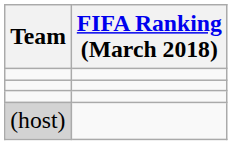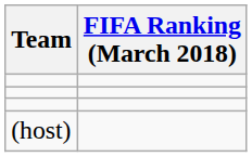 <table class="wikitable sortable" style="text-align: left;">
 <tr>
 <th>Team</th>
 <th><a href='#'>FIFA Ranking</a><br>(March 2018)</th>
 </tr>
 <tr>
 <td></td>
 <td></td>
 </tr>
 <tr>
 <td></td>
 <td></td>
 </tr>
 <tr>
 <td></td>
 <td></td>
 </tr>
 <tr>
-<td style="background: lightgrey;"> (host)</td>
+<td> (host)</td>
 <td></td>
 </tr>
 </table>
